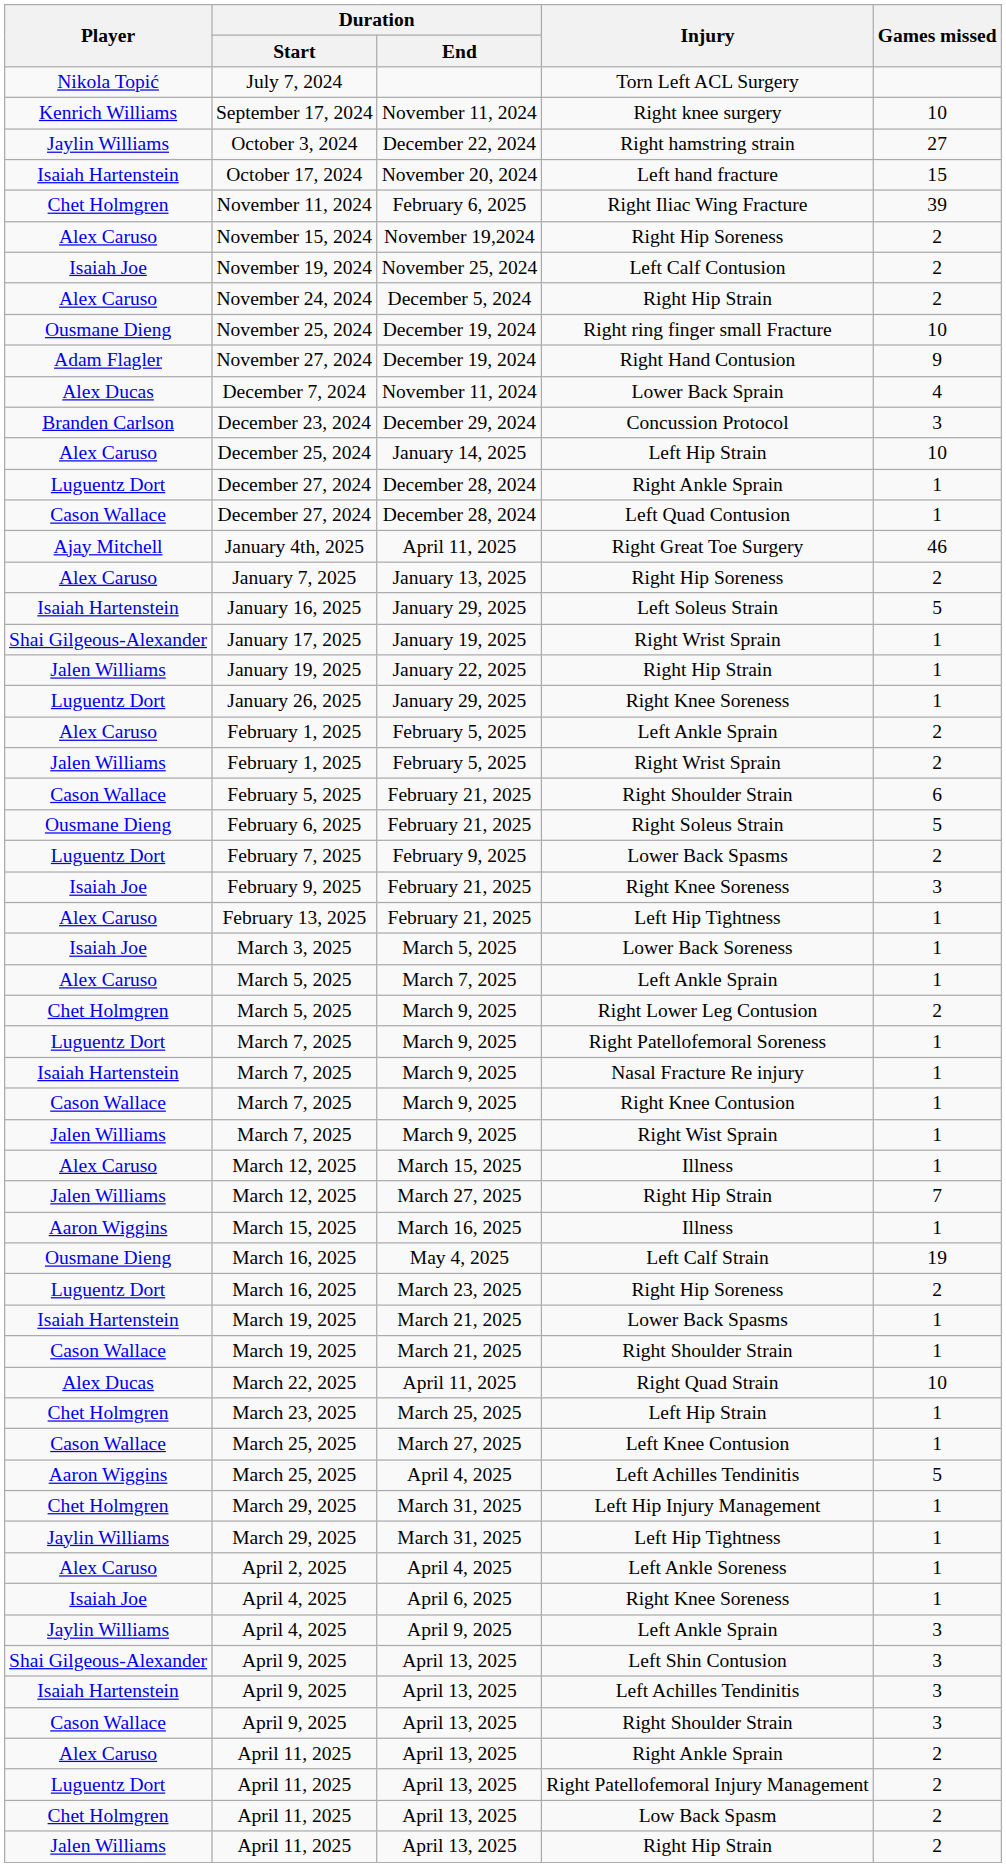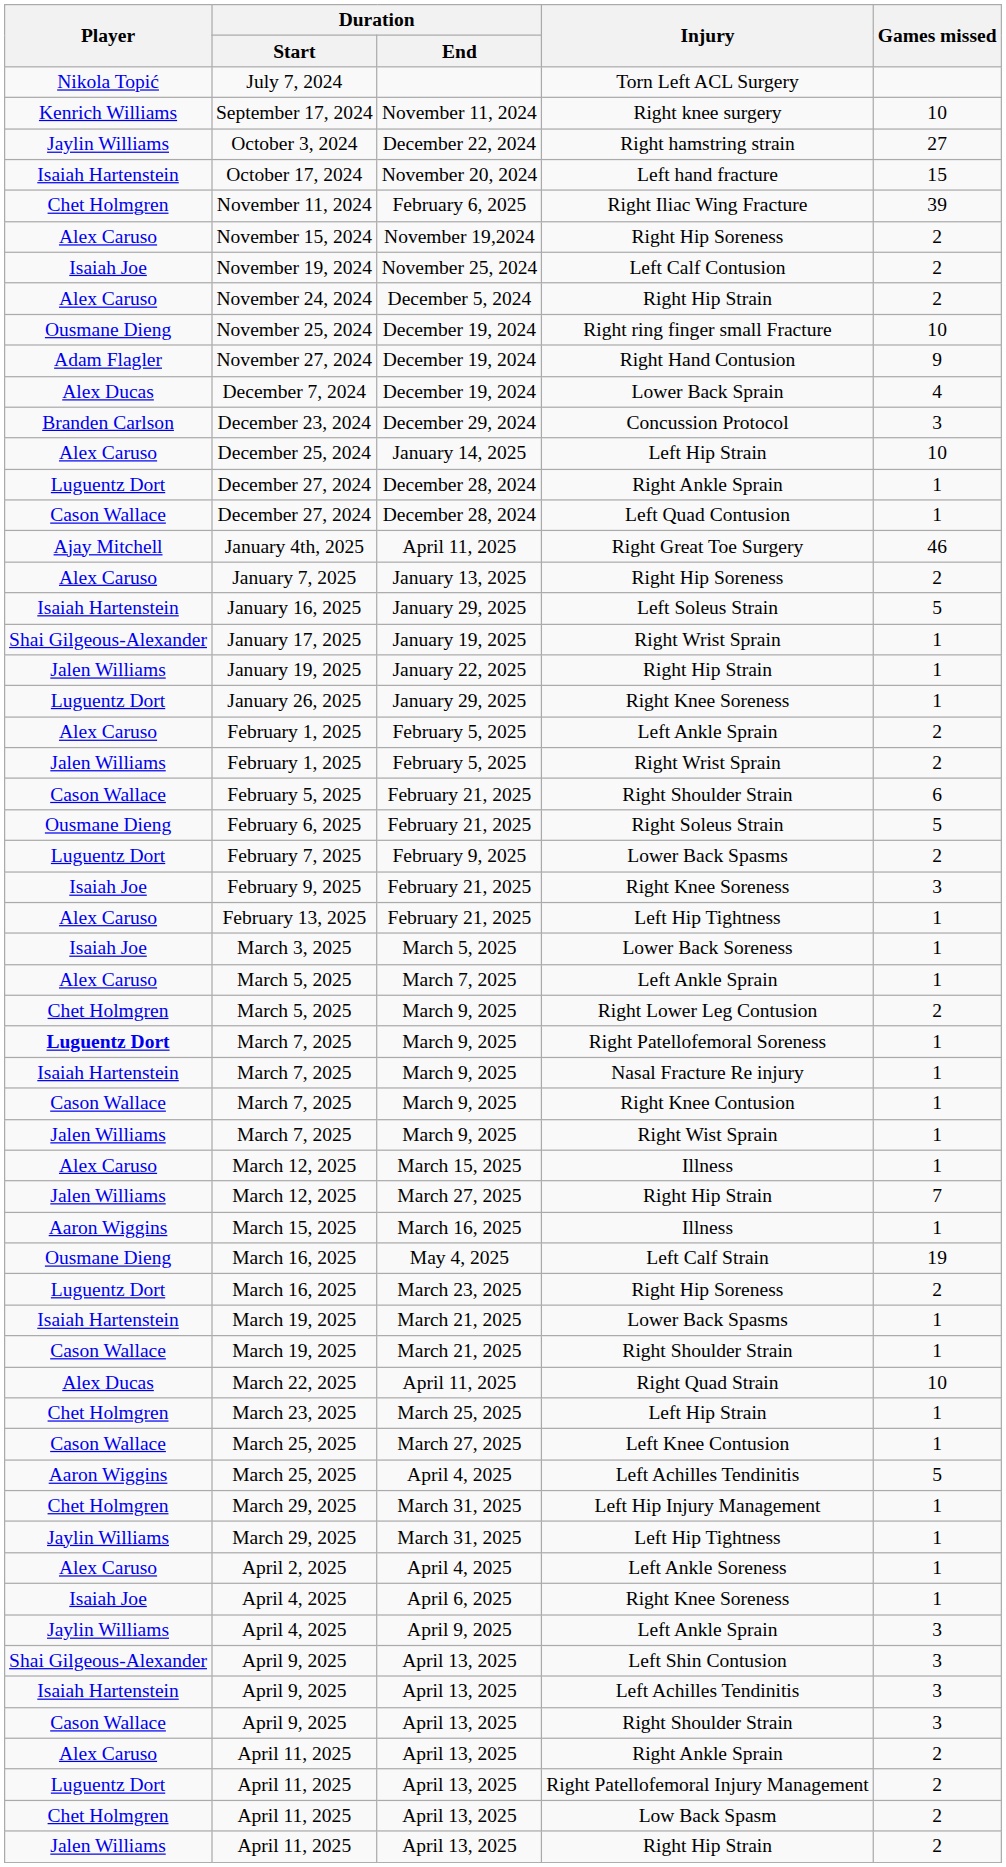 <table class="wikitable sortable collapsible" style="text-align:center;">
 <tr>
 <th rowspan="2">Player</th>
 <th colspan="2">Duration</th>
 <th rowspan="2">Injury</th>
 <th rowspan="2">Games missed</th>
 </tr>
 <tr>
 <th>Start</th>
 <th>End</th>
 </tr>
 <tr>
 <td><a href='#'>Nikola Topić</a></td>
 <td>July 7, 2024</td>
 <td></td>
 <td>Torn Left ACL Surgery</td>
 <td></td>
 </tr>
 <tr>
 <td><a href='#'>Kenrich Williams</a></td>
 <td>September 17, 2024</td>
 <td>November 11, 2024</td>
 <td>Right knee surgery</td>
 <td>10</td>
 </tr>
 <tr>
 <td><a href='#'>Jaylin Williams</a></td>
 <td>October 3, 2024</td>
 <td>December 22, 2024</td>
 <td>Right hamstring strain</td>
 <td>27</td>
 </tr>
 <tr>
 <td><a href='#'>Isaiah Hartenstein</a></td>
 <td>October 17, 2024</td>
 <td>November 20, 2024</td>
 <td>Left hand fracture</td>
 <td>15</td>
 </tr>
 <tr>
 <td><a href='#'>Chet Holmgren</a></td>
 <td>November 11, 2024</td>
 <td>February 6, 2025</td>
 <td>Right Iliac Wing Fracture</td>
 <td>39</td>
 </tr>
 <tr>
 <td><a href='#'>Alex Caruso</a></td>
 <td>November 15, 2024</td>
 <td>November 19,2024</td>
 <td>Right Hip Soreness</td>
 <td>2</td>
 </tr>
 <tr>
 <td><a href='#'>Isaiah Joe</a></td>
 <td>November 19, 2024</td>
 <td>November 25, 2024</td>
 <td>Left Calf Contusion</td>
 <td>2</td>
 </tr>
 <tr>
 <td><a href='#'>Alex Caruso</a></td>
 <td>November 24, 2024</td>
 <td>December 5, 2024</td>
 <td>Right Hip Strain</td>
 <td>2</td>
 </tr>
 <tr>
 <td><a href='#'>Ousmane Dieng</a></td>
 <td>November 25, 2024</td>
 <td>December 19, 2024</td>
 <td>Right ring finger small Fracture</td>
 <td>10</td>
 </tr>
 <tr>
 <td><a href='#'>Adam Flagler</a></td>
 <td>November 27, 2024</td>
 <td>December 19, 2024</td>
 <td>Right Hand Contusion</td>
 <td>9</td>
 </tr>
 <tr>
 <td><a href='#'>Alex Ducas</a></td>
 <td>December 7, 2024</td>
-<td>November 11, 2024</td>
+<td>December 19, 2024</td>
 <td>Lower Back Sprain</td>
 <td>4</td>
 </tr>
 <tr>
 <td><a href='#'>Branden Carlson</a></td>
 <td>December 23, 2024</td>
 <td>December 29, 2024</td>
 <td>Concussion Protocol</td>
 <td>3</td>
 </tr>
 <tr>
 <td><a href='#'>Alex Caruso </a></td>
 <td>December 25, 2024</td>
 <td>January 14, 2025</td>
 <td>Left Hip Strain</td>
 <td>10</td>
 </tr>
 <tr>
 <td><a href='#'>Luguentz Dort</a></td>
 <td>December 27, 2024</td>
 <td>December 28, 2024</td>
 <td>Right Ankle Sprain</td>
 <td>1</td>
 </tr>
 <tr>
 <td><a href='#'>Cason Wallace</a></td>
 <td>December 27, 2024</td>
 <td>December 28, 2024</td>
 <td>Left Quad Contusion</td>
 <td>1</td>
 </tr>
 <tr>
 <td><a href='#'>Ajay Mitchell</a></td>
 <td>January 4th, 2025</td>
 <td>April 11, 2025</td>
 <td>Right Great Toe Surgery</td>
 <td>46</td>
 </tr>
 <tr>
 <td><a href='#'>Alex Caruso</a></td>
 <td>January 7, 2025</td>
 <td>January 13, 2025</td>
 <td>Right Hip Soreness</td>
 <td>2</td>
 </tr>
 <tr>
 <td><a href='#'>Isaiah Hartenstein</a></td>
 <td>January 16, 2025</td>
 <td>January 29, 2025</td>
 <td>Left Soleus Strain</td>
 <td>5</td>
 </tr>
 <tr>
 <td><a href='#'>Shai Gilgeous-Alexander</a></td>
 <td>January 17, 2025</td>
 <td>January 19, 2025</td>
 <td>Right Wrist Sprain</td>
 <td>1</td>
 </tr>
 <tr>
 <td><a href='#'>Jalen Williams</a></td>
 <td>January 19, 2025</td>
 <td>January 22, 2025</td>
 <td>Right Hip Strain</td>
 <td>1</td>
 </tr>
 <tr>
 <td><a href='#'>Luguentz Dort</a></td>
 <td>January 26, 2025</td>
 <td>January 29, 2025</td>
 <td>Right Knee Soreness</td>
 <td>1</td>
 </tr>
 <tr>
 <td><a href='#'>Alex Caruso</a></td>
 <td>February 1, 2025</td>
 <td>February 5, 2025</td>
 <td>Left Ankle Sprain</td>
 <td>2</td>
 </tr>
 <tr>
 <td><a href='#'>Jalen Williams</a></td>
 <td>February 1, 2025</td>
 <td>February 5, 2025</td>
 <td>Right Wrist Sprain</td>
 <td>2</td>
 </tr>
 <tr>
 <td><a href='#'>Cason Wallace</a></td>
 <td>February 5, 2025</td>
 <td>February 21, 2025</td>
 <td>Right Shoulder Strain</td>
 <td>6</td>
 </tr>
 <tr>
 <td><a href='#'>Ousmane Dieng</a></td>
 <td>February 6, 2025</td>
 <td>February 21, 2025</td>
 <td>Right Soleus Strain</td>
 <td>5</td>
 </tr>
 <tr>
 <td><a href='#'>Luguentz Dort</a></td>
 <td>February 7, 2025</td>
 <td>February 9, 2025</td>
 <td>Lower Back Spasms</td>
 <td>2</td>
 </tr>
 <tr>
 <td><a href='#'>Isaiah Joe</a></td>
 <td>February 9, 2025</td>
 <td>February 21, 2025</td>
 <td>Right Knee Soreness</td>
 <td>3</td>
 </tr>
 <tr>
 <td><a href='#'>Alex Caruso</a></td>
 <td>February 13, 2025</td>
 <td>February 21, 2025</td>
 <td>Left Hip Tightness</td>
 <td>1</td>
 </tr>
 <tr>
 <td><a href='#'>Isaiah Joe</a></td>
 <td>March 3, 2025</td>
 <td>March 5, 2025</td>
 <td>Lower Back  Soreness</td>
 <td>1</td>
 </tr>
 <tr>
 <td><a href='#'>Alex Caruso</a></td>
 <td>March 5, 2025</td>
 <td>March 7, 2025</td>
 <td>Left Ankle Sprain</td>
 <td>1</td>
 </tr>
 <tr>
 <td><a href='#'>Chet Holmgren</a></td>
 <td>March 5, 2025</td>
 <td>March 9, 2025</td>
 <td>Right Lower Leg Contusion</td>
 <td>2</td>
 </tr>
 <tr>
-<td><a href='#'>Luguentz Dort</a></td>
+<td><strong><a href='#'>Luguentz Dort</a></strong></td>
 <td>March 7, 2025</td>
 <td>March 9, 2025</td>
 <td>Right Patellofemoral Soreness</td>
 <td>1</td>
 </tr>
 <tr>
 <td><a href='#'>Isaiah Hartenstein</a></td>
 <td>March 7, 2025</td>
 <td>March 9, 2025</td>
 <td>Nasal Fracture Re injury</td>
 <td>1</td>
 </tr>
 <tr>
 <td><a href='#'>Cason Wallace</a></td>
 <td>March 7, 2025</td>
 <td>March 9, 2025</td>
 <td>Right Knee Contusion</td>
 <td>1</td>
 </tr>
 <tr>
 <td><a href='#'>Jalen Williams</a></td>
 <td>March 7, 2025</td>
 <td>March 9, 2025</td>
 <td>Right Wist Sprain</td>
 <td>1</td>
 </tr>
 <tr>
 <td><a href='#'>Alex Caruso</a></td>
 <td>March 12, 2025</td>
 <td>March 15, 2025</td>
 <td>Illness</td>
 <td>1</td>
 </tr>
 <tr>
 <td><a href='#'>Jalen Williams</a></td>
 <td>March 12, 2025</td>
 <td>March 27, 2025</td>
 <td>Right Hip Strain</td>
 <td>7</td>
 </tr>
 <tr>
 <td><a href='#'>Aaron Wiggins</a></td>
 <td>March 15, 2025</td>
 <td>March 16, 2025</td>
 <td>Illness</td>
 <td>1</td>
 </tr>
 <tr>
 <td><a href='#'>Ousmane Dieng</a></td>
 <td>March 16, 2025</td>
 <td>May 4, 2025</td>
 <td>Left Calf Strain</td>
 <td>19</td>
 </tr>
 <tr>
 <td><a href='#'>Luguentz Dort</a></td>
 <td>March 16, 2025</td>
 <td>March 23, 2025</td>
 <td>Right Hip Soreness</td>
 <td>2</td>
 </tr>
 <tr>
 <td><a href='#'>Isaiah Hartenstein</a></td>
 <td>March 19, 2025</td>
 <td>March 21, 2025</td>
 <td>Lower Back Spasms</td>
 <td>1</td>
 </tr>
 <tr>
 <td><a href='#'>Cason Wallace</a></td>
 <td>March 19, 2025</td>
 <td>March 21, 2025</td>
 <td>Right Shoulder Strain</td>
 <td>1</td>
 </tr>
 <tr>
 <td><a href='#'>Alex Ducas</a></td>
 <td>March 22, 2025</td>
 <td>April 11, 2025</td>
 <td>Right Quad Strain</td>
 <td>10</td>
 </tr>
 <tr>
 <td><a href='#'>Chet Holmgren</a></td>
 <td>March 23, 2025</td>
 <td>March 25, 2025</td>
 <td>Left Hip Strain</td>
 <td>1</td>
 </tr>
 <tr>
 <td><a href='#'>Cason Wallace</a></td>
 <td>March 25, 2025</td>
 <td>March 27, 2025</td>
 <td>Left Knee Contusion</td>
 <td>1</td>
 </tr>
 <tr>
 <td><a href='#'>Aaron Wiggins</a></td>
 <td>March 25, 2025</td>
 <td>April 4, 2025</td>
 <td>Left Achilles Tendinitis</td>
 <td>5</td>
 </tr>
 <tr>
 <td><a href='#'>Chet Holmgren</a></td>
 <td>March 29, 2025</td>
 <td>March 31, 2025</td>
 <td>Left Hip Injury Management</td>
 <td>1</td>
 </tr>
 <tr>
 <td><a href='#'>Jaylin Williams</a></td>
 <td>March 29, 2025</td>
 <td>March 31, 2025</td>
 <td>Left Hip Tightness</td>
 <td>1</td>
 </tr>
 <tr>
 <td><a href='#'>Alex Caruso</a></td>
 <td>April 2, 2025</td>
 <td>April 4, 2025</td>
 <td>Left Ankle Soreness</td>
 <td>1</td>
 </tr>
 <tr>
 <td><a href='#'>Isaiah Joe</a></td>
 <td>April 4, 2025</td>
 <td>April 6, 2025</td>
 <td>Right Knee Soreness</td>
 <td>1</td>
 </tr>
 <tr>
 <td><a href='#'>Jaylin Williams</a></td>
 <td>April 4, 2025</td>
 <td>April 9, 2025</td>
 <td>Left Ankle Sprain</td>
 <td>3</td>
 </tr>
 <tr>
 <td><a href='#'>Shai Gilgeous-Alexander</a></td>
 <td>April 9, 2025</td>
 <td>April 13, 2025</td>
 <td>Left Shin Contusion</td>
 <td>3</td>
 </tr>
 <tr>
 <td><a href='#'>Isaiah Hartenstein</a></td>
 <td>April 9, 2025</td>
 <td>April 13, 2025</td>
 <td>Left Achilles Tendinitis</td>
 <td>3</td>
 </tr>
 <tr>
 <td><a href='#'>Cason Wallace</a></td>
 <td>April 9, 2025</td>
 <td>April 13, 2025</td>
 <td>Right Shoulder Strain</td>
 <td>3</td>
 </tr>
 <tr>
 <td><a href='#'>Alex Caruso</a></td>
 <td>April 11, 2025</td>
 <td>April 13, 2025</td>
 <td>Right Ankle Sprain</td>
 <td>2</td>
 </tr>
 <tr>
 <td><a href='#'>Luguentz Dort</a></td>
 <td>April 11, 2025</td>
 <td>April 13, 2025</td>
 <td>Right Patellofemoral Injury Management</td>
 <td>2</td>
 </tr>
 <tr>
 <td><a href='#'>Chet Holmgren</a></td>
 <td>April 11, 2025</td>
 <td>April 13, 2025</td>
 <td>Low Back Spasm</td>
 <td>2</td>
 </tr>
 <tr>
 <td><a href='#'>Jalen Williams</a></td>
 <td>April 11, 2025</td>
 <td>April 13, 2025</td>
 <td>Right Hip Strain</td>
 <td>2</td>
 </tr>
 </table>
